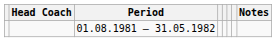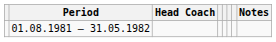 <table class="wikitable" style="text-align: left;">
 <tr>
 <th></th>
+<th>Period</th>
 <th>Head Coach</th>
-<th>Period</th>
 <th></th>
 <th></th>
 <th></th>
 <th></th>
 <th>Notes</th>
 </tr>
 <tr>
 <td></td>
+<td>01.08.1981 – 31.05.1982</td>
 <td></td>
-<td>01.08.1981 – 31.05.1982</td>
 <td align="center"></td>
 <td align="center"></td>
 <td align="center"></td>
 <td align="center"></td>
 <td></td>
 </tr>
 </table>
